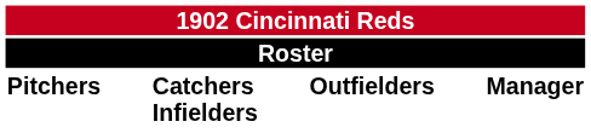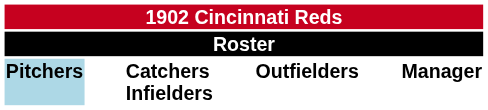 <table class="toccolours" style="font-size: 95%;">
 <tr>
 <th colspan="10" style="background-color: #c6011f; color: white; text-align: center;">1902 Cincinnati Reds</th>
 </tr>
 <tr>
 <td colspan="10" style="background-color: black; color: white; text-align: center;"><strong>Roster</strong></td>
 </tr>
 <tr>
-<td valign="top"><strong>Pitchers</strong><br>           </td>
+<td valign="top" style="background: lightblue;"><strong>Pitchers</strong><br>           </td>
 <td width="25px"></td>
 <td valign="top"><strong>Catchers</strong><br> <strong>Infielders</strong>       </td>
 <td width="25px"></td>
 <td valign="top"><strong>Outfielders</strong><br>       </td>
 <td width="25px"></td>
 <td valign="top"><strong>Manager</strong><br>  </td>
 </tr>
 </table>
